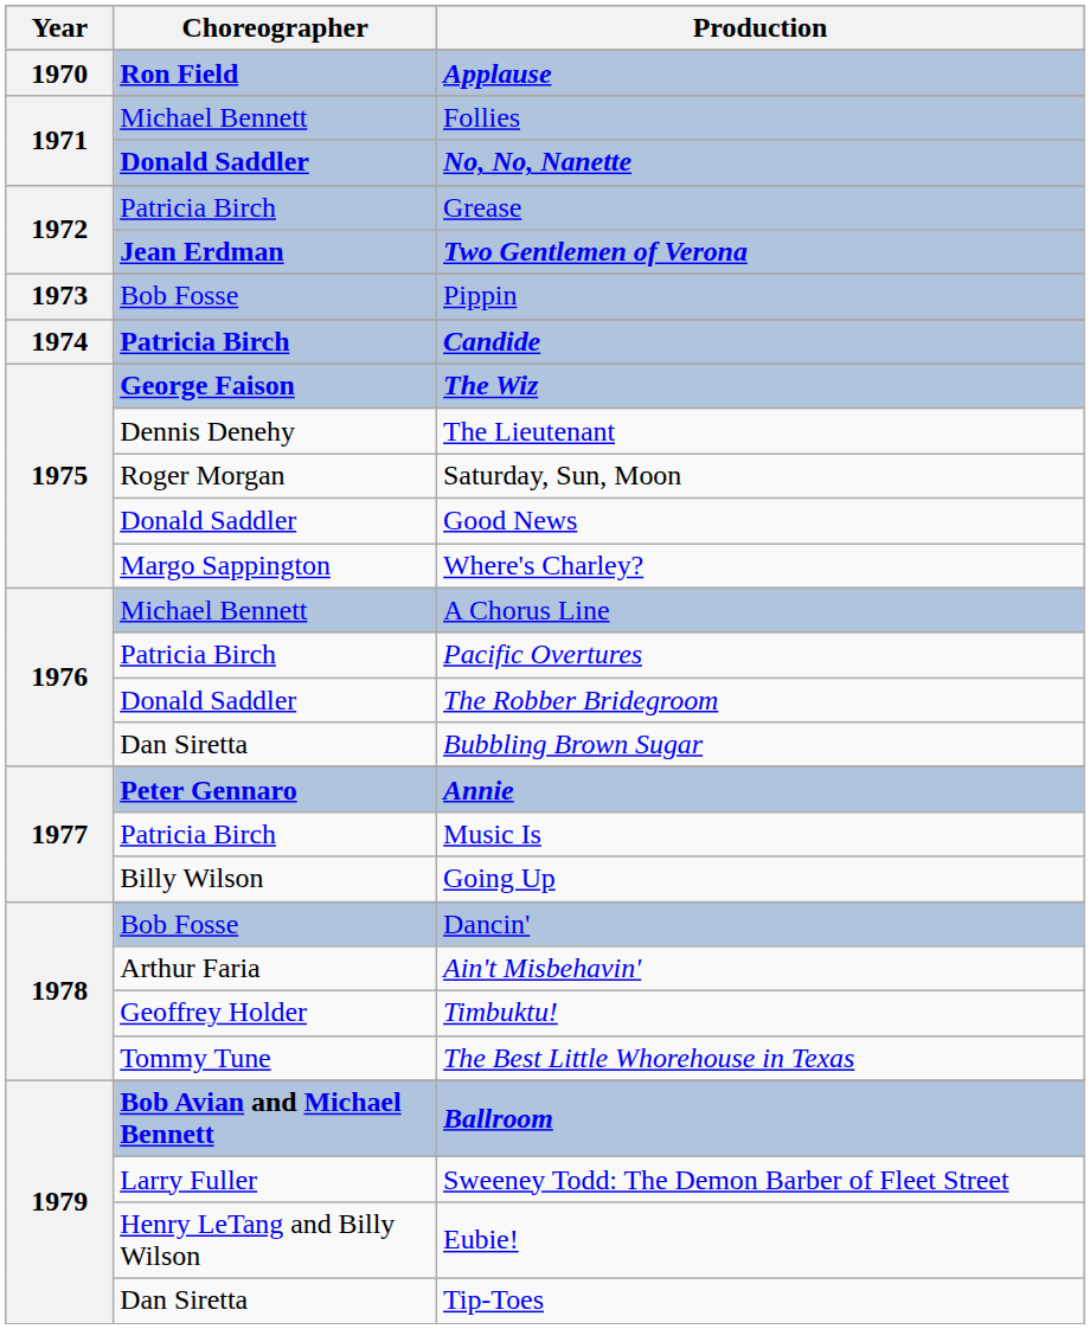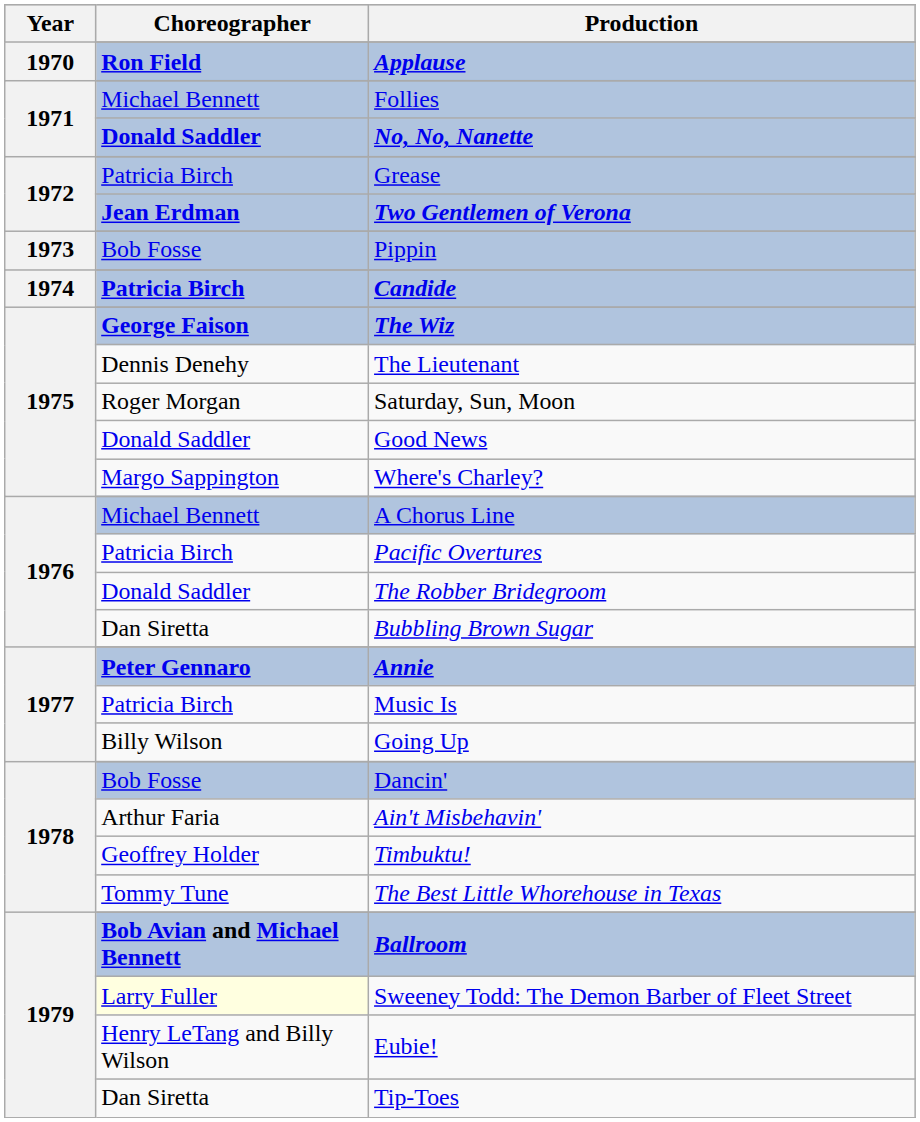 <table class="wikitable" style="width:98%;">
 <tr style="background:#bebebe;">
 <th style="width:10%;">Year</th>
 <th style="width:30%;">Choreographer</th>
 <th style="width:60%;">Production</th>
 </tr>
 <tr>
 <th rowspan="2">1970</th>
 </tr>
 <tr style="background:#B0C4DE">
 <td><strong><a href='#'>Ron Field</a></strong></td>
 <td><strong><em><a href='#'>Applause</a><em> <strong></td>
 </tr>
 <tr>
 <th rowspan="3">1971</th>
 </tr>
 <tr style="background:#B0C4DE">
 <td></strong><a href='#'>Michael Bennett</a><strong></td>
 <td></em></strong><a href='#'>Follies</a></em> </strong></td>
 </tr>
 <tr style="background:#B0C4DE">
 <td><strong><a href='#'>Donald Saddler</a></strong></td>
 <td><strong><em><a href='#'>No, No, Nanette</a><em> <strong></td>
 </tr>
 <tr>
 <th rowspan="3">1972</th>
 </tr>
 <tr style="background:#B0C4DE">
 <td></strong><a href='#'>Patricia Birch</a><strong></td>
 <td></em></strong><a href='#'>Grease</a></em> </strong></td>
 </tr>
 <tr style="background:#B0C4DE">
 <td><strong><a href='#'>Jean Erdman</a></strong></td>
 <td><strong><em><a href='#'>Two Gentlemen of Verona</a><em> <strong></td>
 </tr>
 <tr>
 <th rowspan="2">1973</th>
 </tr>
 <tr style="background:#B0C4DE">
 <td></strong><a href='#'>Bob Fosse</a><strong></td>
 <td></em></strong><a href='#'>Pippin</a></em> </strong></td>
 </tr>
 <tr>
 <th rowspan="2" align="center">1974</th>
 </tr>
 <tr style="background:#B0C4DE">
 <td><strong><a href='#'>Patricia Birch</a></strong></td>
 <td><strong><em><a href='#'>Candide</a></em></strong></td>
 </tr>
 <tr>
 <th rowspan="6">1975</th>
 </tr>
 <tr style="background:#B0C4DE">
 <td><strong><a href='#'>George Faison</a></strong></td>
 <td><strong><em><a href='#'>The Wiz</a><em> <strong></td>
 </tr>
 <tr>
 <td>Dennis Denehy</td>
 <td></em><a href='#'>The Lieutenant</a><em></td>
 </tr>
 <tr>
 <td>Roger Morgan</td>
 <td></em>Saturday, Sun, Moon<em></td>
 </tr>
 <tr>
 <td><a href='#'>Donald Saddler</a></td>
 <td></em><a href='#'>Good News</a><em></td>
 </tr>
 <tr>
 <td><a href='#'>Margo Sappington</a></td>
 <td></em><a href='#'>Where's Charley?</a><em></td>
 </tr>
 <tr>
 <th rowspan="5">1976</th>
 </tr>
 <tr style="background:#B0C4DE">
 <td></strong><a href='#'>Michael Bennett</a><strong></td>
 <td></em></strong><a href='#'>A Chorus Line</a></em> </strong></td>
 </tr>
 <tr>
 <td><a href='#'>Patricia Birch</a></td>
 <td><em><a href='#'>Pacific Overtures</a></em></td>
 </tr>
 <tr>
 <td><a href='#'>Donald Saddler</a></td>
 <td><em><a href='#'>The Robber Bridegroom</a></em></td>
 </tr>
 <tr>
 <td>Dan Siretta</td>
 <td><em><a href='#'>Bubbling Brown Sugar</a></em></td>
 </tr>
 <tr>
 <th rowspan="4">1977</th>
 </tr>
 <tr style="background:#B0C4DE">
 <td><strong><a href='#'>Peter Gennaro</a></strong></td>
 <td><strong><em><a href='#'>Annie</a><em> <strong></td>
 </tr>
 <tr>
 <td><a href='#'>Patricia Birch</a></td>
 <td></em><a href='#'>Music Is</a><em></td>
 </tr>
 <tr>
 <td>Billy Wilson</td>
 <td></em><a href='#'>Going Up</a><em></td>
 </tr>
 <tr>
 <th rowspan="5">1978</th>
 </tr>
 <tr style="background:#B0C4DE">
 <td></strong><a href='#'>Bob Fosse</a><strong></td>
 <td></em></strong><a href='#'>Dancin'</a></em> </strong></td>
 </tr>
 <tr>
 <td>Arthur Faria</td>
 <td><em><a href='#'>Ain't Misbehavin'</a></em></td>
 </tr>
 <tr>
 <td><a href='#'>Geoffrey Holder</a></td>
 <td><em><a href='#'>Timbuktu!</a></em></td>
 </tr>
 <tr>
 <td><a href='#'>Tommy Tune</a></td>
 <td><em><a href='#'>The Best Little Whorehouse in Texas</a></em></td>
 </tr>
 <tr>
 <th rowspan="5">1979</th>
 </tr>
 <tr style="background:#B0C4DE">
 <td><strong><a href='#'>Bob Avian</a> and <a href='#'>Michael Bennett</a></strong></td>
 <td><strong><em><a href='#'>Ballroom</a><em> <strong></td>
 </tr>
 <tr>
-<td><a href='#'>Larry Fuller</a></td>
+<td style="background: lightyellow;"><a href='#'>Larry Fuller</a></td>
 <td></em><a href='#'>Sweeney Todd: The Demon Barber of Fleet Street</a><em></td>
 </tr>
 <tr>
 <td><a href='#'>Henry LeTang</a> and Billy Wilson</td>
 <td></em><a href='#'>Eubie!</a><em></td>
 </tr>
 <tr>
 <td>Dan Siretta</td>
 <td></em><a href='#'>Tip-Toes</a><em></td>
 </tr>
 </table>
